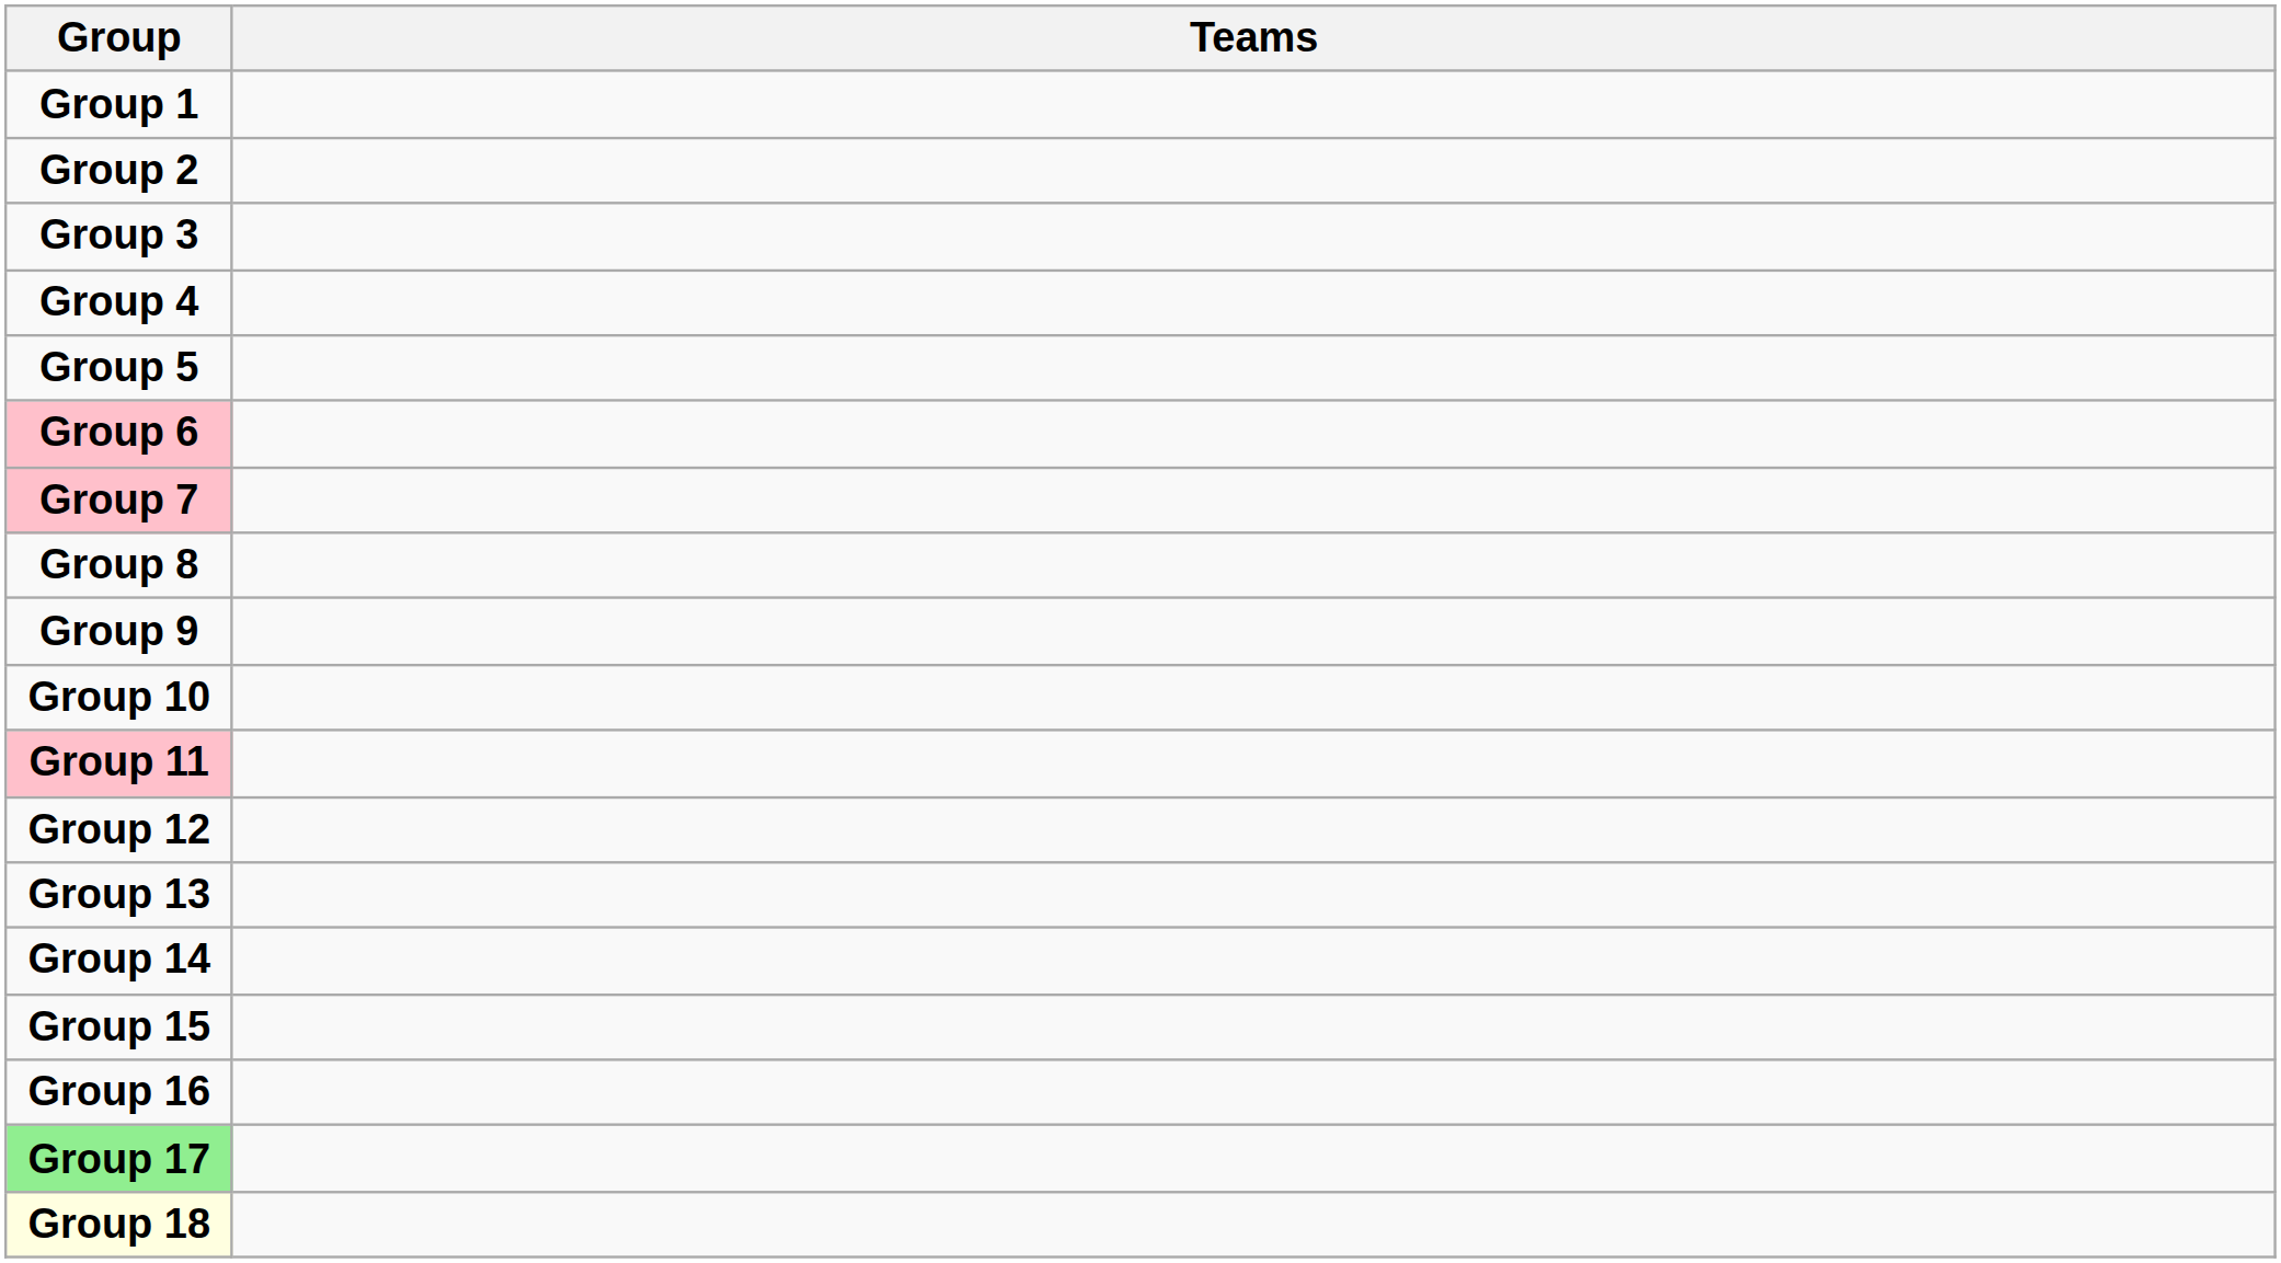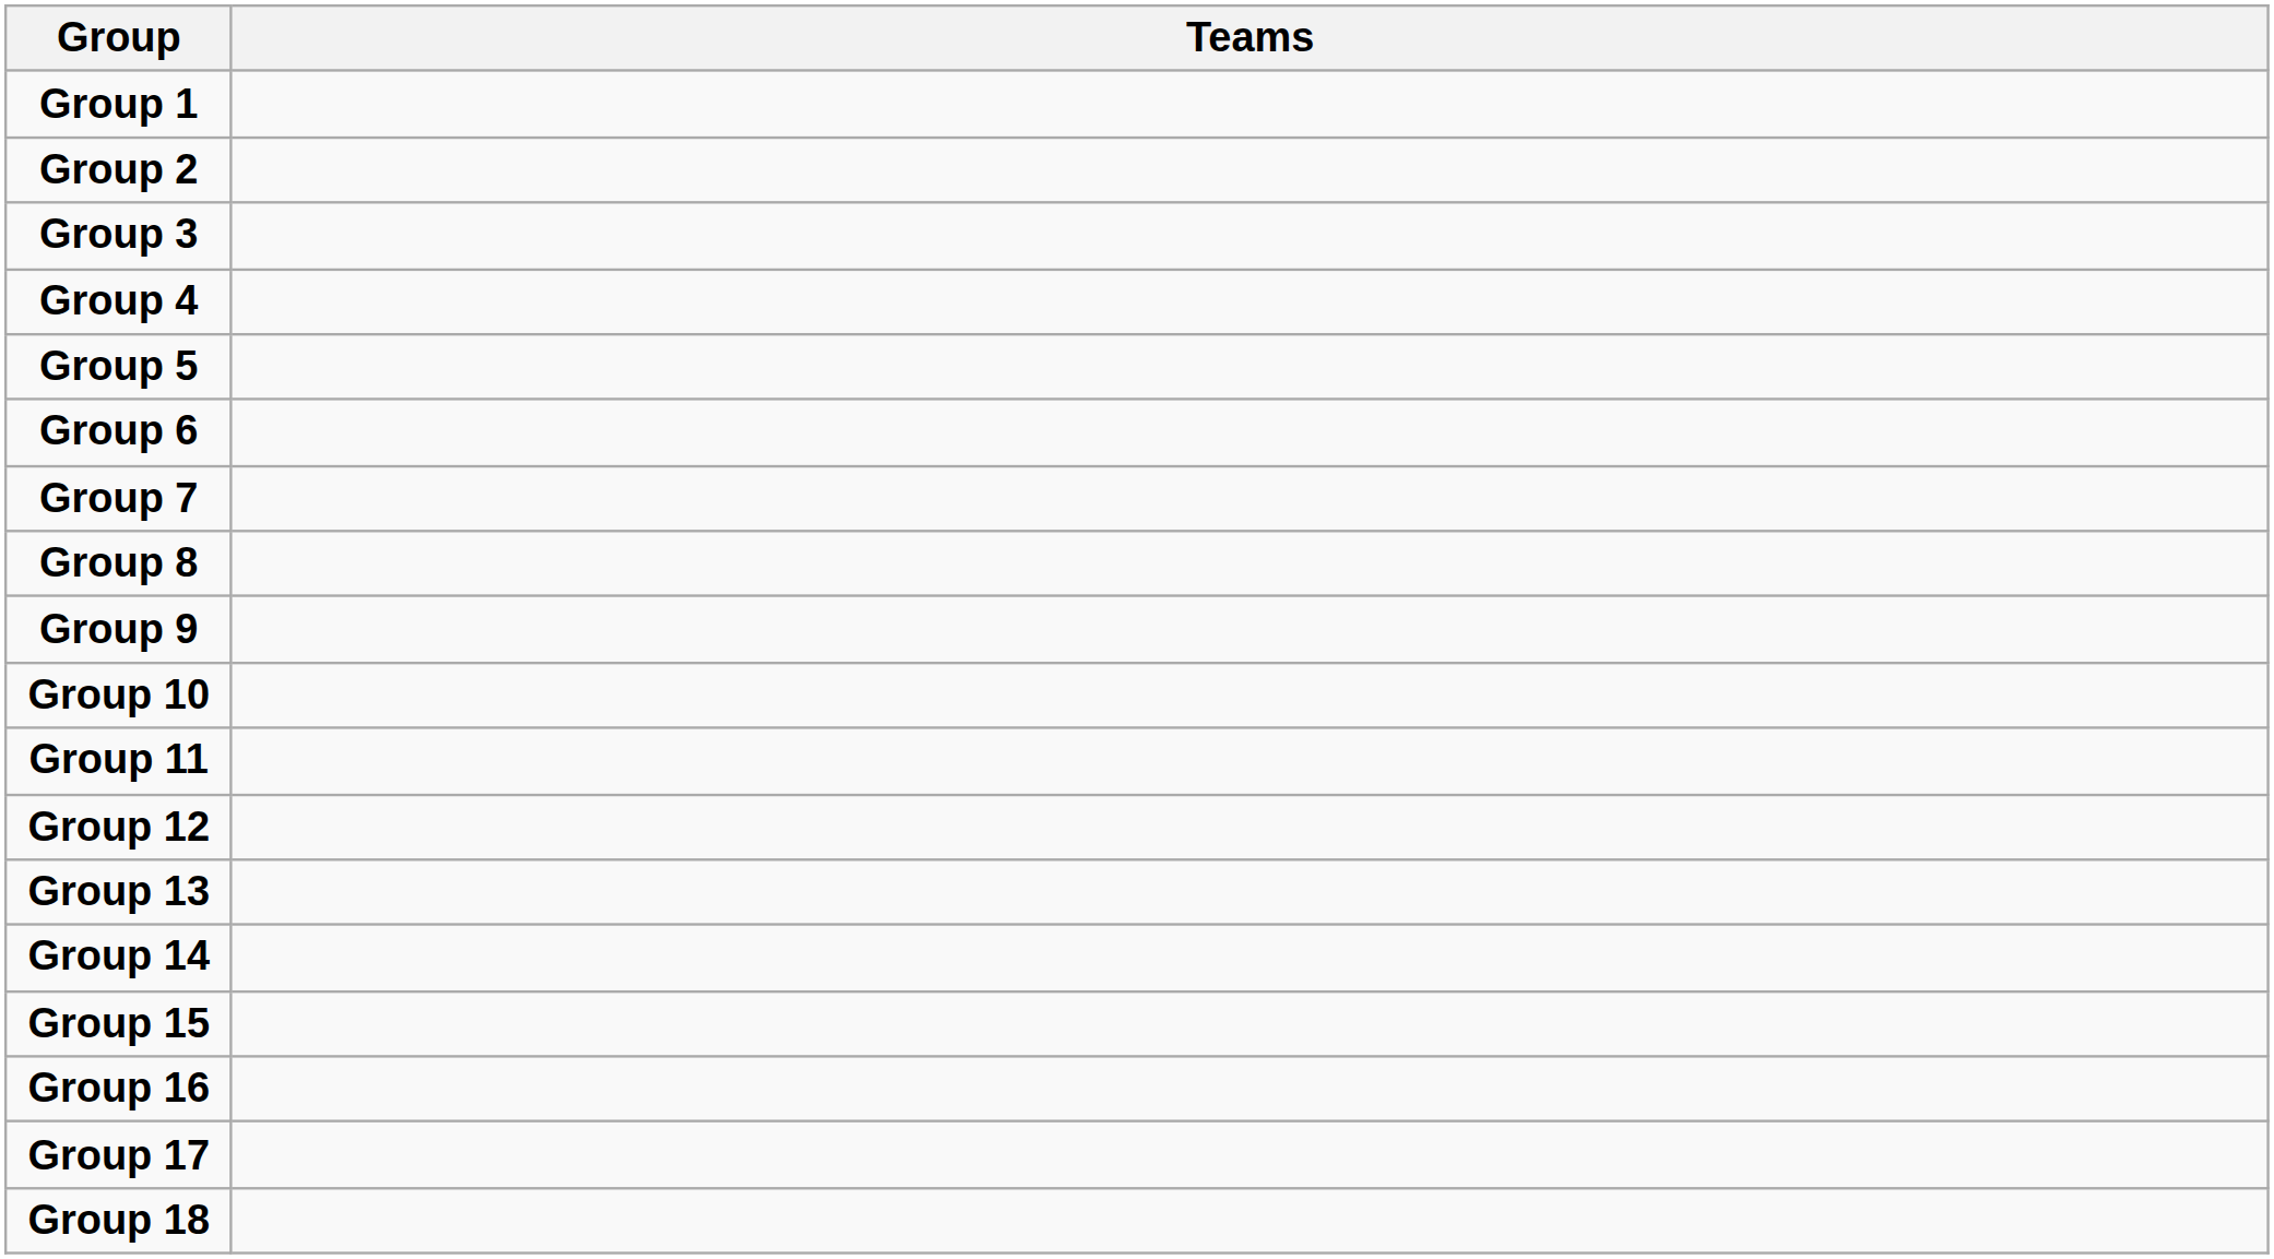 <table class="wikitable" style="width: 99% !important;">
 <tr>
 <th style="width: 10%;">Group</th>
 <th>Teams</th>
 </tr>
 <tr>
 <td align="center"><strong>Group 1</strong></td>
 <td></td>
 </tr>
 <tr>
 <td align="center"><strong>Group 2</strong></td>
 <td></td>
 </tr>
 <tr>
 <td align="center"><strong>Group 3</strong></td>
 <td></td>
 </tr>
 <tr>
 <td align="center"><strong>Group 4</strong></td>
 <td></td>
 </tr>
 <tr>
 <td align="center"><strong>Group 5</strong></td>
 <td></td>
 </tr>
 <tr>
-<td align="center" style="background: pink;"><strong>Group 6</strong></td>
+<td align="center"><strong>Group 6</strong></td>
 <td></td>
 </tr>
 <tr>
-<td align="center" style="background: pink;"><strong>Group 7</strong></td>
+<td align="center"><strong>Group 7</strong></td>
 <td></td>
 </tr>
 <tr>
 <td align="center"><strong>Group 8</strong></td>
 <td></td>
 </tr>
 <tr>
 <td align="center"><strong>Group 9</strong></td>
 <td></td>
 </tr>
 <tr>
 <td align="center"><strong>Group 10</strong></td>
 <td></td>
 </tr>
 <tr>
-<td align="center" style="background: pink;"><strong>Group 11</strong></td>
+<td align="center"><strong>Group 11</strong></td>
 <td></td>
 </tr>
 <tr>
 <td align="center"><strong>Group 12</strong></td>
 <td></td>
 </tr>
 <tr>
 <td align="center"><strong>Group 13</strong></td>
 <td></td>
 </tr>
 <tr>
 <td align="center"><strong>Group 14</strong></td>
 <td></td>
 </tr>
 <tr>
 <td align="center"><strong>Group 15</strong></td>
 <td></td>
 </tr>
 <tr>
 <td align="center"><strong>Group 16</strong></td>
 <td></td>
 </tr>
 <tr>
-<td align="center" style="background: lightgreen;"><strong>Group 17</strong></td>
+<td align="center"><strong>Group 17</strong></td>
 <td></td>
 </tr>
 <tr>
-<td align="center" style="background: lightyellow;"><strong>Group 18</strong></td>
+<td align="center"><strong>Group 18</strong></td>
 <td></td>
 </tr>
 </table>
